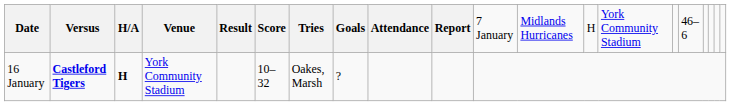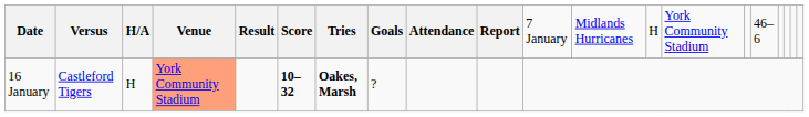 <table class="wikitable defaultleft col3center col6center col9right" style="font-size:90%;">
 <tr>
 <th>Date</th>
 <th>Versus</th>
 <th>H/A</th>
 <th>Venue</th>
 <th>Result</th>
 <th>Score</th>
 <th>Tries</th>
 <th>Goals</th>
 <th>Attendance</th>
 <th>Report</th>
 <td>7 January</td>
 <td> <a href='#'>Midlands Hurricanes</a></td>
 <td>H</td>
 <td><a href='#'>York Community Stadium</a></td>
 <td></td>
 <td>46–6</td>
 <td></td>
 <td></td>
 <td></td>
 <td></td>
 </tr>
 <tr>
 <td>16 January</td>
-<td><strong> <a href='#'>Castleford Tigers</a></strong></td>
-<td><strong>H</strong></td>
-<td><a href='#'>York Community Stadium</a></td>
+<td> <a href='#'>Castleford Tigers</a></td>
+<td>H</td>
+<td style="background: lightsalmon;"><a href='#'>York Community Stadium</a></td>
 <td></td>
-<td>10–32</td>
-<td>Oakes, Marsh</td>
+<td><strong>10–32</strong></td>
+<td><strong>Oakes, Marsh</strong></td>
 <td>?</td>
 <td></td>
 <td></td>
 </tr>
 </table>
